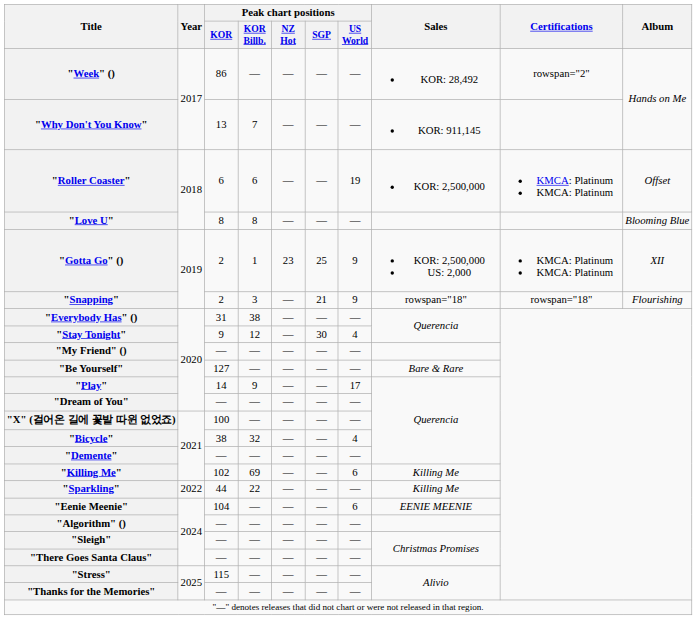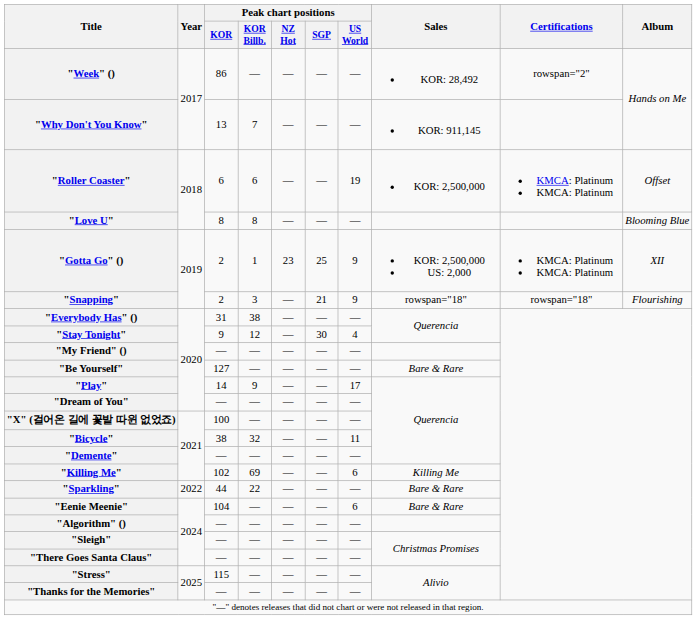 <table class="wikitable plainrowheaders" style="text-align:center;">
 <tr>
 <th scope="col" rowspan="2">Title</th>
 <th scope="col" rowspan="2">Year</th>
 <th scope="col" colspan="5">Peak chart positions</th>
 <th scope="col" rowspan="2" style="width:11.5em;">Sales<br></th>
 <th scope="col" rowspan="2" style="width:11em;"><a href='#'>Certifications</a><br></th>
 <th scope="col" rowspan="2">Album</th>
 </tr>
 <tr>
 <th scope="col" style="width:3em;font-size:90%;"><a href='#'>KOR</a><br></th>
 <th scope="col" style="width:3em;font-size:90%;"><a href='#'>KOR<br>Billb.</a><br></th>
 <th scope="col" style="width:3em;font-size:90%;"><a href='#'>NZ<br>Hot</a><br></th>
 <th scope="col" style="width:3em;font-size:90%;"><a href='#'>SGP</a><br></th>
 <th scope="col" style="width:3em;font-size:90%;"><a href='#'>US<br>World</a><br></th>
 </tr>
 <tr>
 <th scope="row">"<a href='#'>Week</a>" ()</th>
 <td rowspan="2">2017</td>
 <td>86</td>
 <td>—</td>
 <td>—</td>
 <td>—</td>
 <td>—</td>
 <td><br><ul><li>KOR: 28,492</li></ul></td>
 <td>rowspan="2" </td>
 <td rowspan="2"><em>Hands on Me</em></td>
 </tr>
 <tr>
 <th scope="row">"<a href='#'>Why Don't You Know</a>"<br></th>
 <td>13</td>
 <td>7</td>
 <td>—</td>
 <td>—</td>
 <td>—</td>
 <td><br><ul><li>KOR: 911,145</li></ul></td>
 </tr>
 <tr>
 <th scope="row">"<a href='#'>Roller Coaster</a>"</th>
 <td rowspan="2">2018</td>
 <td>6</td>
 <td>6</td>
 <td>—</td>
 <td>—</td>
 <td>19</td>
 <td><br><ul><li>KOR: 2,500,000</li></ul></td>
 <td><br><ul><li><a href='#'>KMCA</a>: Platinum </li><li>KMCA: Platinum </li></ul></td>
 <td><em>Offset</em></td>
 </tr>
 <tr>
 <th scope="row">"<a href='#'>Love U</a>"</th>
 <td>8</td>
 <td>8</td>
 <td>—</td>
 <td>—</td>
 <td>—</td>
 <td></td>
 <td></td>
 <td><em>Blooming Blue</em></td>
 </tr>
 <tr>
 <th scope="row">"<a href='#'>Gotta Go</a>" ()</th>
 <td rowspan="2">2019</td>
 <td>2</td>
 <td>1</td>
 <td>23</td>
 <td>25</td>
 <td>9</td>
 <td><br><ul><li>KOR: 2,500,000</li><li>US: 2,000</li></ul></td>
 <td><br><ul><li>KMCA: Platinum </li><li>KMCA: Platinum </li></ul></td>
 <td><em>XII</em></td>
 </tr>
 <tr>
 <th scope="row">"<a href='#'>Snapping</a>"</th>
 <td>2</td>
 <td>3</td>
 <td>—</td>
 <td>21</td>
 <td>9</td>
 <td>rowspan="18" </td>
 <td>rowspan="18" </td>
 <td><em>Flourishing</em></td>
 </tr>
 <tr>
 <th scope="row">"<a href='#'>Everybody Has</a>" ()</th>
 <td rowspan="6">2020</td>
 <td>31</td>
 <td>38</td>
 <td>—</td>
 <td>—</td>
 <td>—</td>
 <td rowspan="2"><em>Querencia</em></td>
 </tr>
 <tr>
 <th scope="row">"<a href='#'>Stay Tonight</a>"</th>
 <td>9</td>
 <td>12</td>
 <td>—</td>
 <td>30</td>
 <td>4</td>
 </tr>
 <tr>
 <th scope="row">"My Friend" ()<br></th>
 <td>—</td>
 <td>—</td>
 <td>—</td>
 <td>—</td>
 <td>—</td>
 <td></td>
 </tr>
 <tr>
 <th scope="row">"Be Yourself"</th>
 <td>127</td>
 <td>—</td>
 <td>—</td>
 <td>—</td>
 <td>—</td>
 <td><em>Bare & Rare</em></td>
 </tr>
 <tr>
 <th scope="row">"<a href='#'>Play</a>"<br></th>
 <td>14</td>
 <td>9</td>
 <td>—</td>
 <td>—</td>
 <td>17</td>
 <td rowspan="5"><em>Querencia</em></td>
 </tr>
 <tr>
 <th scope="row">"Dream of You"<br></th>
 <td>—</td>
 <td>—</td>
 <td>—</td>
 <td>—</td>
 <td>—</td>
 </tr>
 <tr>
 <th scope="row">"X" (걸어온 길에 꽃밭 따윈 없었죠)</th>
 <td rowspan="4">2021</td>
 <td>100</td>
 <td>—</td>
 <td>—</td>
 <td>—</td>
 <td>—</td>
 </tr>
 <tr>
 <th scope="row">"<a href='#'>Bicycle</a>"</th>
 <td>38</td>
 <td>32</td>
 <td>—</td>
 <td>—</td>
-<td>4</td>
+<td>11</td>
 </tr>
 <tr>
 <th scope="row">"<a href='#'>Demente</a>" <br></th>
 <td>—</td>
 <td>—</td>
 <td>—</td>
 <td>—</td>
 <td>—</td>
 </tr>
 <tr>
 <th scope="row">"<a href='#'>Killing Me</a>"</th>
 <td>102</td>
 <td>69</td>
 <td>—</td>
 <td>—</td>
 <td>6</td>
 <td><em>Killing Me</em></td>
 </tr>
 <tr>
 <th scope="row">"<a href='#'>Sparkling</a>"</th>
 <td>2022</td>
 <td>44</td>
 <td>22</td>
 <td>—</td>
 <td>—</td>
 <td>—</td>
-<td><em>Killing Me</em></td>
+<td><em>Bare & Rare</em></td>
 </tr>
 <tr>
 <th scope="row">"Eenie Meenie" </th>
 <td rowspan="4">2024</td>
 <td>104</td>
 <td>—</td>
 <td>—</td>
 <td>—</td>
 <td>6</td>
-<td><em>EENIE MEENIE</em></td>
+<td><em>Bare & Rare</em></td>
 </tr>
 <tr>
 <th scope="row">"Algorithm" ()</th>
 <td>—</td>
 <td>—</td>
 <td>—</td>
 <td>—</td>
 <td>—</td>
 <td></td>
 </tr>
 <tr>
 <th scope="row">"Sleigh"</th>
 <td>—</td>
 <td>—</td>
 <td>—</td>
 <td>—</td>
 <td>—</td>
 <td rowspan="2"><em>Christmas Promises</em></td>
 </tr>
 <tr>
 <th scope="row">"There Goes Santa Claus"</th>
 <td>—</td>
 <td>—</td>
 <td>—</td>
 <td>—</td>
 <td>—</td>
 </tr>
 <tr>
 <th scope="row">"Stress"</th>
 <td rowspan="2">2025</td>
 <td>115</td>
 <td>—</td>
 <td>—</td>
 <td>—</td>
 <td>—</td>
 <td rowspan="2"><em>Alivio</em></td>
 </tr>
 <tr>
 <th scope="row">"Thanks for the Memories"</th>
 <td>—</td>
 <td>—</td>
 <td>—</td>
 <td>—</td>
 <td>—</td>
 </tr>
 <tr>
 <td colspan="10" style="font-size:85%;">"—" denotes releases that did not chart or were not released in that region.</td>
 </tr>
 </table>
